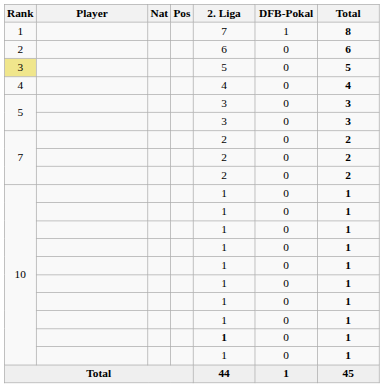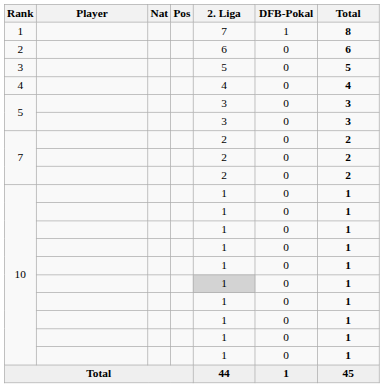 <table class="wikitable sortable nowrap" style="text-align:center;">
 <tr>
 <th>Rank</th>
 <th width=150>Player</th>
 <th>Nat</th>
 <th>Pos</th>
 <th width=80>2. Liga</th>
 <th width=80>DFB-Pokal</th>
 <th width=80>Total</th>
 </tr>
 <tr>
 <td>1</td>
 <td align="left"></td>
 <td></td>
 <td></td>
 <td>7</td>
 <td>1</td>
 <td><strong>8</strong></td>
 </tr>
 <tr>
 <td>2</td>
 <td align="left"></td>
 <td></td>
 <td></td>
 <td>6</td>
 <td>0</td>
 <td><strong>6</strong></td>
 </tr>
 <tr>
-<td style="background: khaki;">3</td>
+<td>3</td>
 <td align="left"></td>
 <td></td>
 <td></td>
 <td>5</td>
 <td>0</td>
 <td><strong>5</strong></td>
 </tr>
 <tr>
 <td>4</td>
 <td align="left"></td>
 <td></td>
 <td></td>
 <td>4</td>
 <td>0</td>
 <td><strong>4</strong></td>
 </tr>
 <tr>
 <td rowspan="2">5</td>
 <td align="left"></td>
 <td></td>
 <td></td>
 <td>3</td>
 <td>0</td>
 <td><strong>3</strong></td>
 </tr>
 <tr>
 <td align="left"></td>
 <td></td>
 <td></td>
 <td>3</td>
 <td>0</td>
 <td><strong>3</strong></td>
 </tr>
 <tr>
 <td rowspan="3">7</td>
 <td align="left"></td>
 <td></td>
 <td></td>
 <td>2</td>
 <td>0</td>
 <td><strong>2</strong></td>
 </tr>
 <tr>
 <td align="left"></td>
 <td></td>
 <td></td>
 <td>2</td>
 <td>0</td>
 <td><strong>2</strong></td>
 </tr>
 <tr>
 <td align="left"></td>
 <td></td>
 <td></td>
 <td>2</td>
 <td>0</td>
 <td><strong>2</strong></td>
 </tr>
 <tr>
 <td rowspan="10">10</td>
 <td align="left"></td>
 <td></td>
 <td></td>
 <td>1</td>
 <td>0</td>
 <td><strong>1</strong></td>
 </tr>
 <tr>
 <td align="left"></td>
 <td></td>
 <td></td>
 <td>1</td>
 <td>0</td>
 <td><strong>1</strong></td>
 </tr>
 <tr>
 <td align="left"></td>
 <td></td>
 <td></td>
 <td>1</td>
 <td>0</td>
 <td><strong>1</strong></td>
 </tr>
 <tr>
 <td align="left"></td>
 <td></td>
 <td></td>
 <td>1</td>
 <td>0</td>
 <td><strong>1</strong></td>
 </tr>
 <tr>
 <td align="left"></td>
 <td></td>
 <td></td>
 <td>1</td>
 <td>0</td>
 <td><strong>1</strong></td>
 </tr>
 <tr>
 <td align="left"></td>
 <td></td>
 <td></td>
+<td style="background: lightgrey;">1</td>
+<td>0</td>
+<td><strong>1</strong></td>
+</tr>
+<tr>
+<td align="left"></td>
+<td></td>
+<td></td>
 <td>1</td>
 <td>0</td>
 <td><strong>1</strong></td>
 </tr>
 <tr>
 <td align="left"></td>
 <td></td>
 <td></td>
 <td>1</td>
 <td>0</td>
 <td><strong>1</strong></td>
 </tr>
 <tr>
 <td align="left"></td>
 <td></td>
 <td></td>
 <td>1</td>
 <td>0</td>
 <td><strong>1</strong></td>
 </tr>
 <tr>
 <td align="left"></td>
 <td></td>
 <td></td>
-<td><strong>1</strong></td>
-<td>0</td>
-<td><strong>1</strong></td>
-</tr>
-<tr>
-<td align="left"></td>
-<td></td>
-<td></td>
 <td>1</td>
 <td>0</td>
 <td><strong>1</strong></td>
 </tr>
 <tr style=font-weight:bold;background:#efefef>
 <td colspan="4">Total</td>
 <td>44</td>
 <td>1</td>
 <td>45</td>
 </tr>
 </table>
